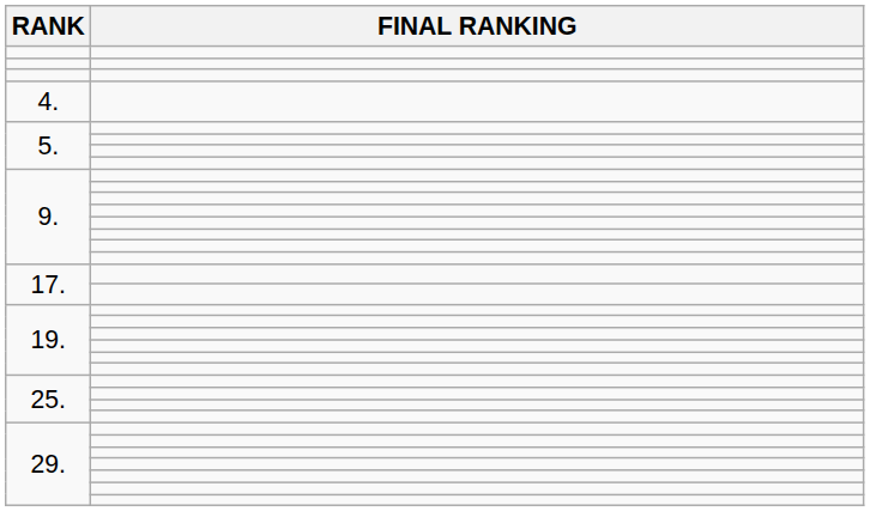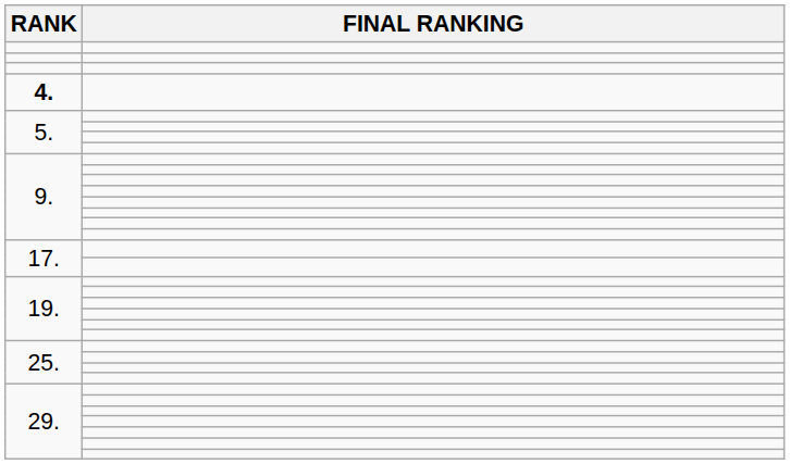 <table class="wikitable" style="border-collapse: collapse; font-size: 90%;">
 <tr>
 <th>RANK</th>
 <th style="width: 30em">FINAL RANKING</th>
 </tr>
 <tr>
 <td align="center"></td>
 <td></td>
 </tr>
 <tr>
 <td align="center"></td>
 <td></td>
 </tr>
 <tr>
 <td align="center"></td>
 <td></td>
 </tr>
 <tr>
-<td align="center">4.</td>
+<td align="center"><strong>4.</strong></td>
 <td></td>
 </tr>
 <tr>
 <td rowspan=4 align="center">5.</td>
 <td></td>
 </tr>
 <tr>
 <td></td>
 </tr>
 <tr>
 <td></td>
 </tr>
 <tr>
 <td></td>
 </tr>
 <tr>
 <td rowspan=8 align="center">9.</td>
 <td></td>
 </tr>
 <tr>
 <td></td>
 </tr>
 <tr>
 <td></td>
 </tr>
 <tr>
 <td></td>
 </tr>
 <tr>
 <td></td>
 </tr>
 <tr>
 <td></td>
 </tr>
 <tr>
 <td></td>
 </tr>
 <tr>
 <td></td>
 </tr>
 <tr>
 <td rowspan=2 align="center">17.</td>
 <td></td>
 </tr>
 <tr>
 <td></td>
 </tr>
 <tr>
 <td rowspan=6 align="center">19.</td>
 <td></td>
 </tr>
 <tr>
 <td></td>
 </tr>
 <tr>
 <td></td>
 </tr>
 <tr>
 <td></td>
 </tr>
 <tr>
 <td></td>
 </tr>
 <tr>
 <td></td>
 </tr>
 <tr>
 <td rowspan=4 align="center">25.</td>
 <td></td>
 </tr>
 <tr>
 <td></td>
 </tr>
 <tr>
 <td></td>
 </tr>
 <tr>
 <td></td>
 </tr>
 <tr>
 <td rowspan=7 align="center">29.</td>
 <td></td>
 </tr>
 <tr>
 <td></td>
 </tr>
 <tr>
 <td></td>
 </tr>
 <tr>
 <td></td>
 </tr>
 <tr>
 <td></td>
 </tr>
 <tr>
 <td></td>
 </tr>
 <tr>
 <td></td>
 </tr>
 </table>
